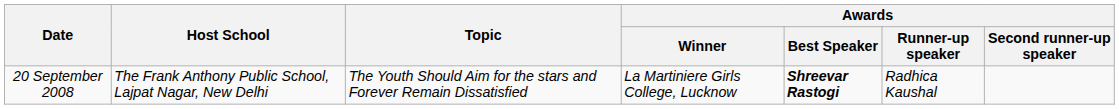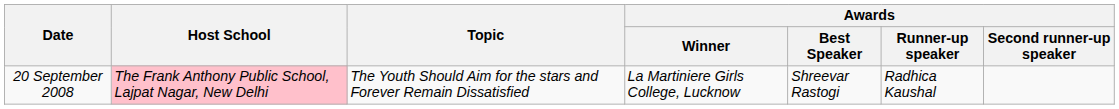 <table class="wikitable">
 <tr>
 <th rowspan="2">Date</th>
 <th rowspan="2">Host School</th>
 <th rowspan="2">Topic</th>
 <th colspan="4">Awards</th>
 </tr>
 <tr>
 <th>Winner</th>
 <th>Best Speaker</th>
 <th>Runner-up speaker</th>
 <th>Second runner-up speaker</th>
 </tr>
 <tr>
 <td align="center"><em>20 September 2008</em></td>
-<td><em>The Frank Anthony Public School, Lajpat Nagar, New Delhi</em></td>
+<td style="background: pink;"><em>The Frank Anthony Public School, Lajpat Nagar, New Delhi</em></td>
 <td><em>The Youth Should Aim for the stars and Forever Remain Dissatisfied</em></td>
 <td><em>La Martiniere Girls College, Lucknow</em></td>
-<td><strong><em>Shreevar Rastogi</em></strong></td>
+<td><em>Shreevar Rastogi</em></td>
 <td><em> Radhica Kaushal</em></td>
 <td></td>
 </tr>
 </table>
